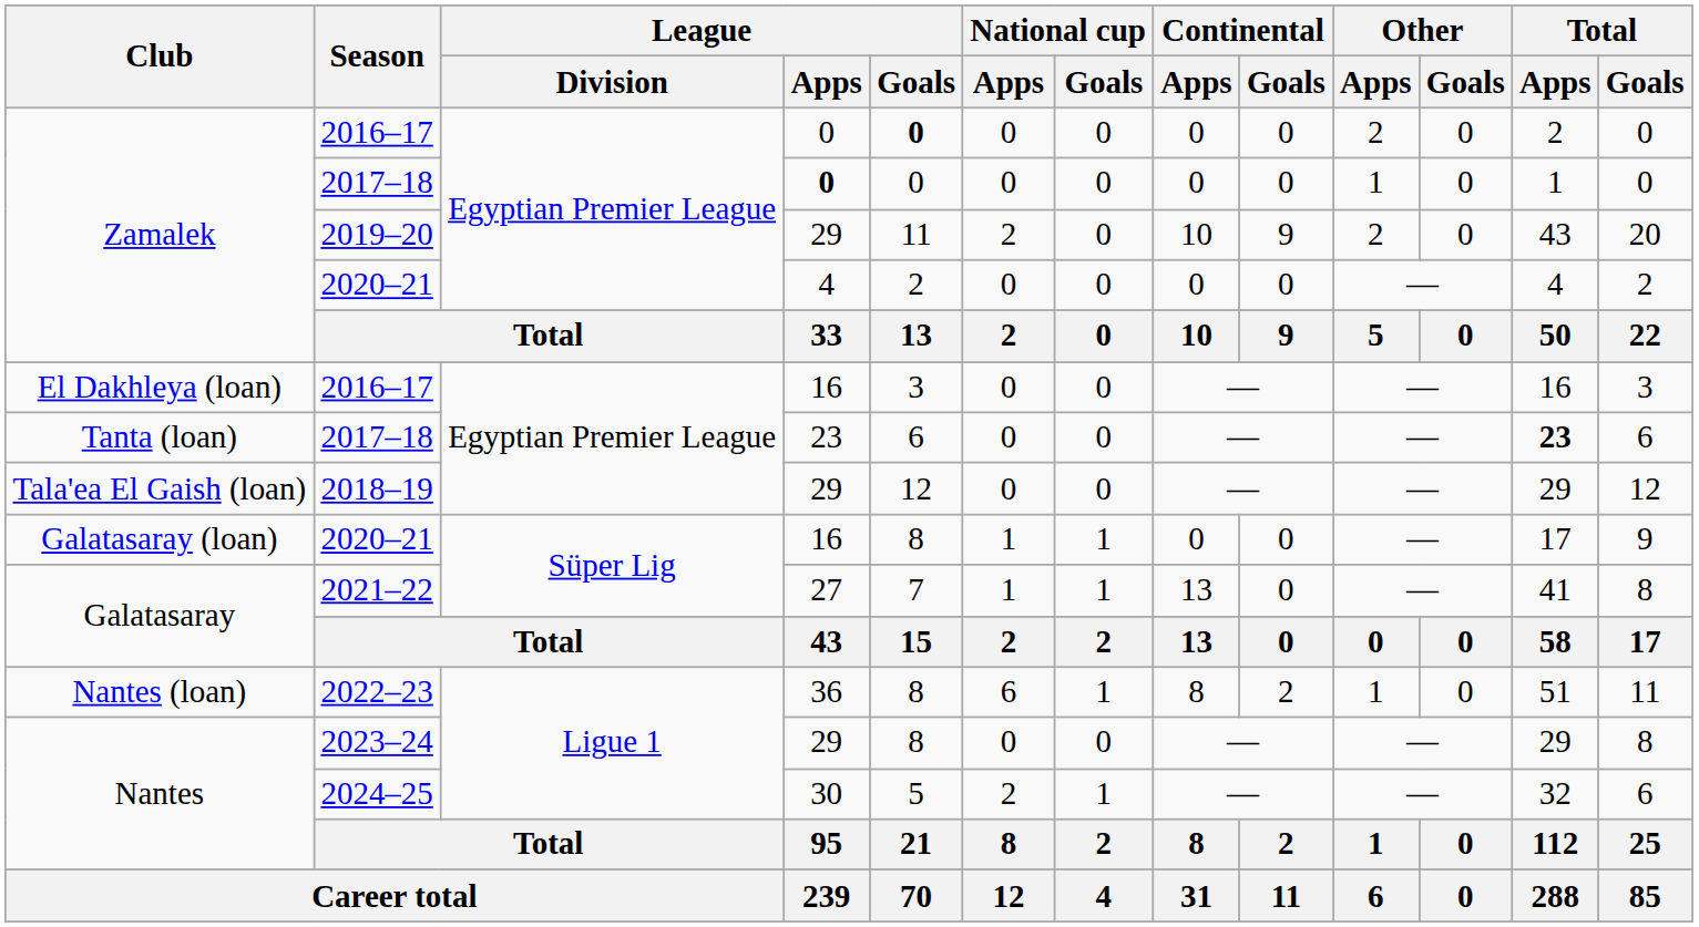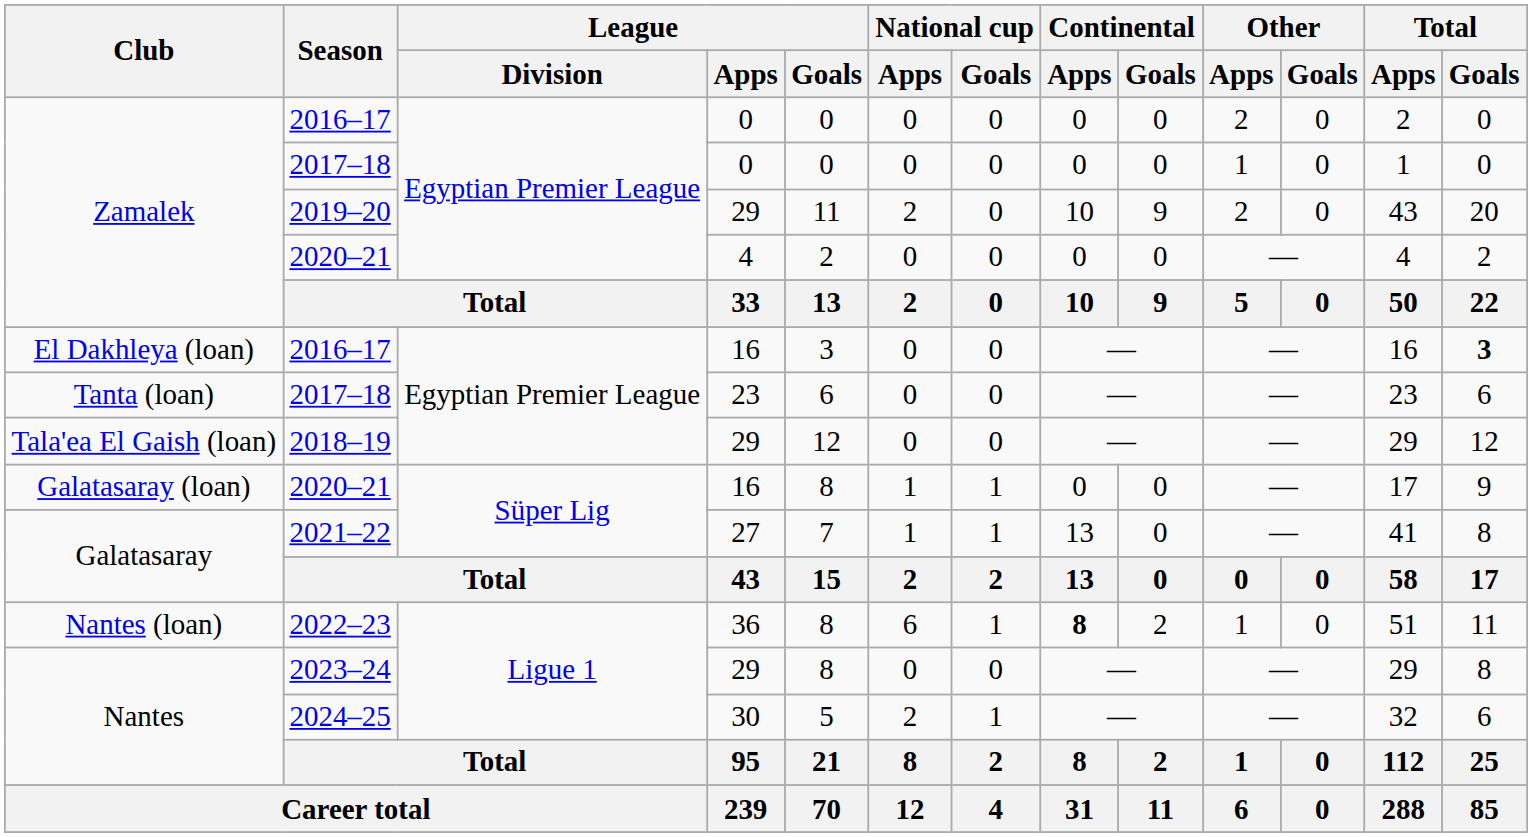 <table class="wikitable" style="text-align:center">
 <tr>
 <th rowspan="2">Club</th>
 <th rowspan="2">Season</th>
 <th colspan="3">League</th>
 <th colspan="2">National cup</th>
 <th colspan="2">Continental</th>
 <th colspan="2">Other</th>
 <th colspan="2">Total</th>
 </tr>
 <tr>
 <th>Division</th>
 <th>Apps</th>
 <th>Goals</th>
 <th>Apps</th>
 <th>Goals</th>
 <th>Apps</th>
 <th>Goals</th>
 <th>Apps</th>
 <th>Goals</th>
 <th>Apps</th>
 <th>Goals</th>
 </tr>
 <tr>
 <td rowspan="5"><a href='#'>Zamalek</a></td>
 <td><a href='#'>2016–17</a></td>
 <td rowspan="4"><a href='#'>Egyptian Premier League</a></td>
 <td>0</td>
-<td><strong>0</strong></td>
+<td>0</td>
 <td>0</td>
 <td>0</td>
 <td>0</td>
 <td>0</td>
 <td>2</td>
 <td>0</td>
 <td>2</td>
 <td>0</td>
 </tr>
 <tr>
 <td><a href='#'>2017–18</a></td>
-<td><strong>0</strong></td>
+<td>0</td>
 <td>0</td>
 <td>0</td>
 <td>0</td>
 <td>0</td>
 <td>0</td>
 <td>1</td>
 <td>0</td>
 <td>1</td>
 <td>0</td>
 </tr>
 <tr>
 <td><a href='#'>2019–20</a></td>
 <td>29</td>
 <td>11</td>
 <td>2</td>
 <td>0</td>
 <td>10</td>
 <td>9</td>
 <td>2</td>
 <td>0</td>
 <td>43</td>
 <td>20</td>
 </tr>
 <tr>
 <td><a href='#'>2020–21</a></td>
 <td>4</td>
 <td>2</td>
 <td>0</td>
 <td>0</td>
 <td>0</td>
 <td>0</td>
 <td colspan="2">—</td>
 <td>4</td>
 <td>2</td>
 </tr>
 <tr>
 <th colspan="2">Total</th>
 <th>33</th>
 <th>13</th>
 <th>2</th>
 <th>0</th>
 <th>10</th>
 <th>9</th>
 <th>5</th>
 <th>0</th>
 <th>50</th>
 <th>22</th>
 </tr>
 <tr>
 <td><a href='#'>El Dakhleya</a> (loan)</td>
 <td><a href='#'>2016–17</a></td>
 <td rowspan="3">Egyptian Premier League</td>
 <td>16</td>
 <td>3</td>
 <td>0</td>
 <td>0</td>
 <td colspan="2">—</td>
 <td colspan="2">—</td>
 <td>16</td>
-<td>3</td>
+<td><strong>3</strong></td>
 </tr>
 <tr>
 <td><a href='#'>Tanta</a> (loan)</td>
 <td><a href='#'>2017–18</a></td>
 <td>23</td>
 <td>6</td>
 <td>0</td>
 <td>0</td>
 <td colspan="2">—</td>
 <td colspan="2">—</td>
-<td><strong>23</strong></td>
+<td>23</td>
 <td>6</td>
 </tr>
 <tr>
 <td><a href='#'>Tala'ea El Gaish</a> (loan)</td>
 <td><a href='#'>2018–19</a></td>
 <td>29</td>
 <td>12</td>
 <td>0</td>
 <td>0</td>
 <td colspan="2">—</td>
 <td colspan="2">—</td>
 <td>29</td>
 <td>12</td>
 </tr>
 <tr>
 <td><a href='#'>Galatasaray</a> (loan)</td>
 <td><a href='#'>2020–21</a></td>
 <td rowspan="2"><a href='#'>Süper Lig</a></td>
 <td>16</td>
 <td>8</td>
 <td>1</td>
 <td>1</td>
 <td>0</td>
 <td>0</td>
 <td colspan="2">—</td>
 <td>17</td>
 <td>9</td>
 </tr>
 <tr>
 <td rowspan="2">Galatasaray</td>
 <td><a href='#'>2021–22</a></td>
 <td>27</td>
 <td>7</td>
 <td>1</td>
 <td>1</td>
 <td>13</td>
 <td>0</td>
 <td colspan="2">—</td>
 <td>41</td>
 <td>8</td>
 </tr>
 <tr>
 <th colspan="2">Total</th>
 <th>43</th>
 <th>15</th>
 <th>2</th>
 <th>2</th>
 <th>13</th>
 <th>0</th>
 <th>0</th>
 <th>0</th>
 <th>58</th>
 <th>17</th>
 </tr>
 <tr>
 <td><a href='#'>Nantes</a> (loan)</td>
 <td><a href='#'>2022–23</a></td>
 <td rowspan="3"><a href='#'>Ligue 1</a></td>
 <td>36</td>
 <td>8</td>
 <td>6</td>
 <td>1</td>
-<td>8</td>
+<td><strong>8</strong></td>
 <td>2</td>
 <td>1</td>
 <td>0</td>
 <td>51</td>
 <td>11</td>
 </tr>
 <tr>
 <td rowspan="3">Nantes</td>
 <td><a href='#'>2023–24</a></td>
 <td>29</td>
 <td>8</td>
 <td>0</td>
 <td>0</td>
 <td colspan="2">—</td>
 <td colspan="2">—</td>
 <td>29</td>
 <td>8</td>
 </tr>
 <tr>
 <td><a href='#'>2024–25</a></td>
 <td>30</td>
 <td>5</td>
 <td>2</td>
 <td>1</td>
 <td colspan="2">—</td>
 <td colspan="2">—</td>
 <td>32</td>
 <td>6</td>
 </tr>
 <tr>
 <th colspan="2">Total</th>
 <th>95</th>
 <th>21</th>
 <th>8</th>
 <th>2</th>
 <th>8</th>
 <th>2</th>
 <th>1</th>
 <th>0</th>
 <th>112</th>
 <th>25</th>
 </tr>
 <tr>
 <th colspan="3">Career total</th>
 <th>239</th>
 <th>70</th>
 <th>12</th>
 <th>4</th>
 <th>31</th>
 <th>11</th>
 <th>6</th>
 <th>0</th>
 <th>288</th>
 <th>85</th>
 </tr>
 </table>
